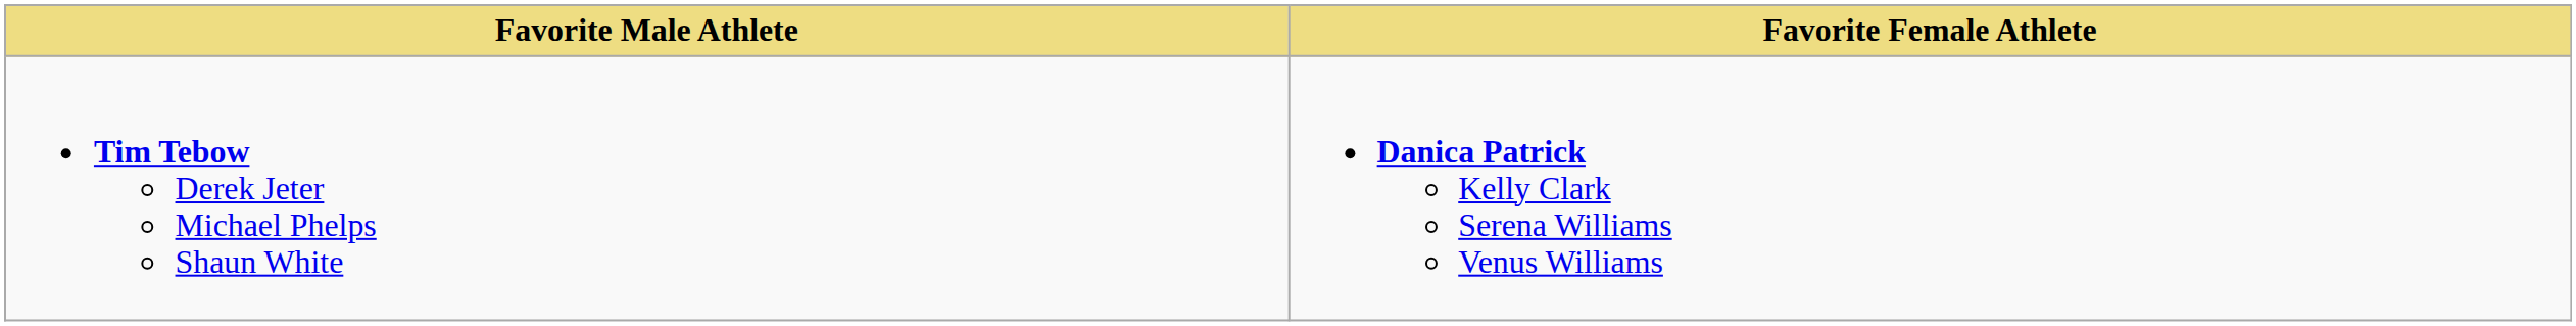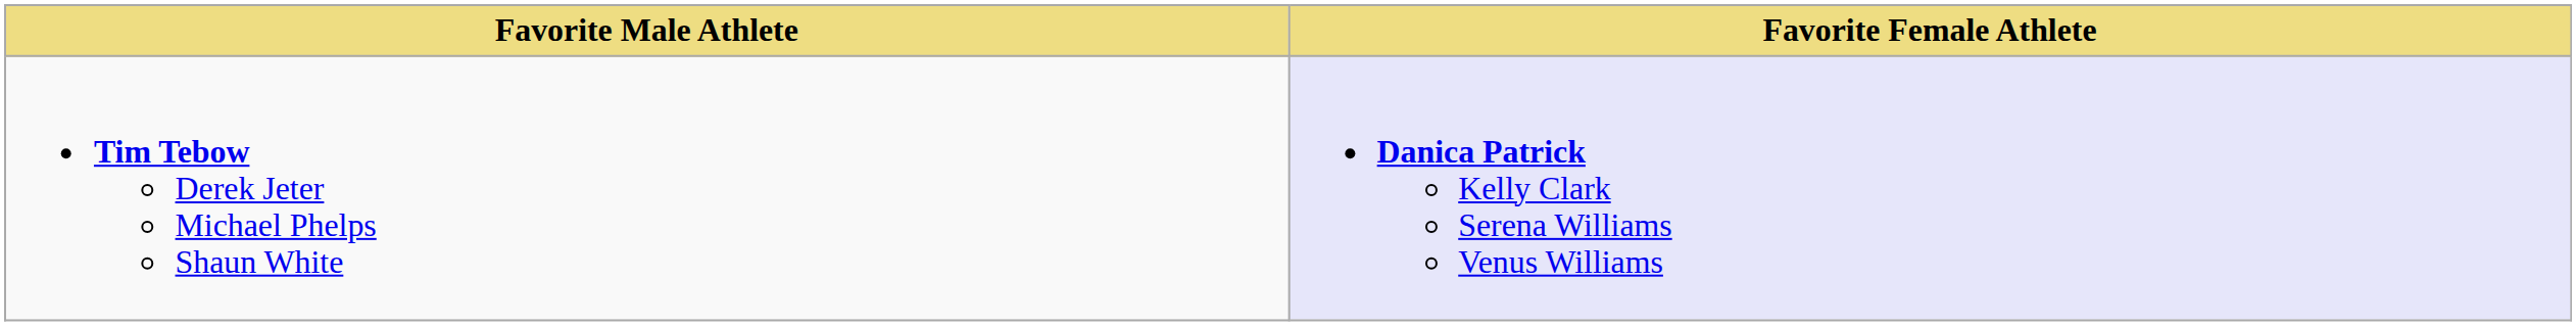 <table class="wikitable" style="width:100%">
 <tr>
 <th style="background:#EEDD82; width:50%">Favorite Male Athlete</th>
 <th style="background:#EEDD82; width:50%">Favorite Female Athlete</th>
 </tr>
 <tr>
 <td valign="top"><br><ul><li><strong><a href='#'>Tim Tebow</a></strong><ul><li><a href='#'>Derek Jeter</a></li><li><a href='#'>Michael Phelps</a></li><li><a href='#'>Shaun White</a></li></ul></li></ul></td>
-<td valign="top"><br><ul><li><strong><a href='#'>Danica Patrick</a></strong><ul><li><a href='#'>Kelly Clark</a></li><li><a href='#'>Serena Williams</a></li><li><a href='#'>Venus Williams</a></li></ul></li></ul></td>
+<td valign="top" style="background: lavender;"><br><ul><li><strong><a href='#'>Danica Patrick</a></strong><ul><li><a href='#'>Kelly Clark</a></li><li><a href='#'>Serena Williams</a></li><li><a href='#'>Venus Williams</a></li></ul></li></ul></td>
 </tr>
 </table>
